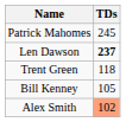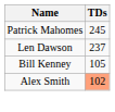 <table class="wikitable sortable" style="text-align:center">
 <tr>
 <th>Name</th>
 <th>TDs</th>
 </tr>
 <tr>
 <td>Patrick Mahomes</td>
 <td>245</td>
 </tr>
 <tr>
 <td>Len Dawson</td>
-<td><strong>237</strong></td>
-</tr>
-<tr>
-<td>Trent Green</td>
-<td>118</td>
+<td>237</td>
 </tr>
 <tr>
 <td>Bill Kenney</td>
 <td>105</td>
 </tr>
 <tr>
 <td>Alex Smith</td>
 <td style="background: lightsalmon;">102</td>
 </tr>
 </table>
